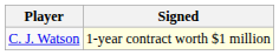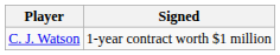 <table class="wikitable sortable sortable">
 <tr>
 <th>Player</th>
 <th>Signed</th>
 </tr>
 <tr style="text-align: center">
 <td><a href='#'>C. J. Watson</a></td>
-<td style="background: lightyellow;">1-year contract worth $1 million</td>
+<td>1-year contract worth $1 million</td>
 </tr>
 </table>
